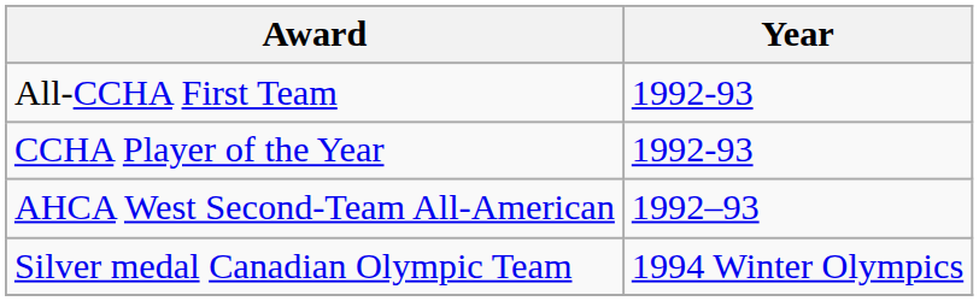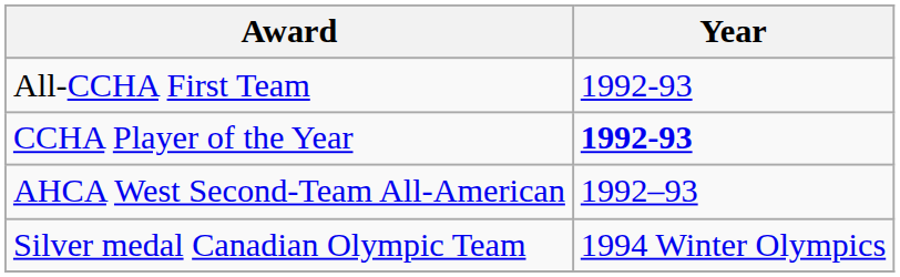 <table class="wikitable">
 <tr>
 <th>Award</th>
 <th>Year</th>
 </tr>
 <tr>
 <td>All-<a href='#'>CCHA</a> <a href='#'>First Team</a></td>
 <td><a href='#'>1992-93</a></td>
 </tr>
 <tr>
 <td><a href='#'>CCHA</a> <a href='#'>Player of the Year</a></td>
-<td><a href='#'>1992-93</a></td>
+<td><strong><a href='#'>1992-93</a></strong></td>
 </tr>
 <tr>
 <td><a href='#'>AHCA</a> <a href='#'>West Second-Team All-American</a></td>
 <td><a href='#'>1992–93</a></td>
 </tr>
 <tr>
 <td><a href='#'>Silver medal</a> <a href='#'>Canadian Olympic Team</a></td>
 <td><a href='#'>1994 Winter Olympics</a></td>
 </tr>
 <tr>
 </tr>
 </table>
